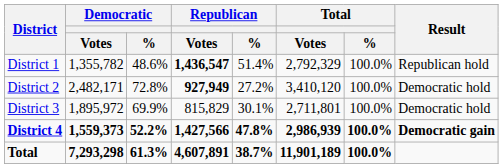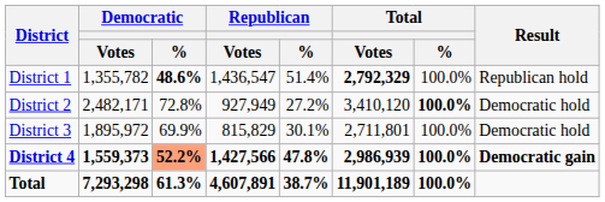 <table class="wikitable sortable" style="text-align:right;">
 <tr>
 <th scope=col rowspan=3><a href='#'>District</a></th>
 <th scope=col colspan=2><a href='#'>Democratic</a></th>
 <th scope=col colspan=2><a href='#'>Republican</a></th>
 <th scope=col colspan=2>Total</th>
 <th scope col rowspan=3>Result</th>
 </tr>
 <tr>
 <th scope=col colspan=2 style="background:"></th>
 <th scope=col colspan=2 style="background:"></th>
 <th scope=col colspan=2></th>
 </tr>
 <tr>
 <th scope=col data-sort-type="number">Votes</th>
 <th scope=col data-sort-type="number">%</th>
 <th scope=col data-sort-type="number">Votes</th>
 <th scope=col data-sort-type="number">%</th>
 <th scope=col data-sort-type="number">Votes</th>
 <th scope=col data-sort-type="number">%</th>
 </tr>
 <tr>
 <td align=left><a href='#'>District 1</a></td>
 <td>1,355,782</td>
-<td>48.6%</td>
-<td><strong>1,436,547</strong></td>
+<td><strong>48.6%</strong></td>
+<td>1,436,547</td>
 <td>51.4%</td>
-<td>2,792,329</td>
+<td><strong>2,792,329</strong></td>
 <td>100.0%</td>
 <td align=left>Republican hold</td>
 </tr>
 <tr>
 <td align=left><a href='#'>District 2</a></td>
 <td>2,482,171</td>
 <td>72.8%</td>
-<td><strong>927,949</strong></td>
+<td>927,949</td>
 <td>27.2%</td>
 <td>3,410,120</td>
-<td>100.0%</td>
+<td><strong>100.0%</strong></td>
 <td align=left>Democratic hold</td>
 </tr>
 <tr>
 <td align=left><a href='#'>District 3</a></td>
 <td>1,895,972</td>
 <td>69.9%</td>
 <td>815,829</td>
 <td>30.1%</td>
 <td>2,711,801</td>
 <td>100.0%</td>
 <td align=left>Democratic hold</td>
 </tr>
 <tr>
 <td align=left><a href='#'><strong>District 4</strong></a></td>
 <td><strong>1,559,373</strong></td>
-<td><strong>52.2%</strong></td>
+<td style="background: lightsalmon;"><strong>52.2%</strong></td>
 <td><strong>1,427,566</strong></td>
 <td><strong>47.8%</strong></td>
 <td><strong>2,986,939</strong></td>
 <td><strong>100.0%</strong></td>
 <td align=left><strong>Democratic gain</strong></td>
 </tr>
 <tr |- class="sortbottom" style="text-align:right; font-weight:bold">
 <td style="text-align:left">Total</td>
 <td>7,293,298</td>
 <td>61.3%</td>
 <td>4,607,891</td>
 <td>38.7%</td>
 <td>11,901,189</td>
 <td>100.0%</td>
 <td></td>
 </tr>
 </table>
